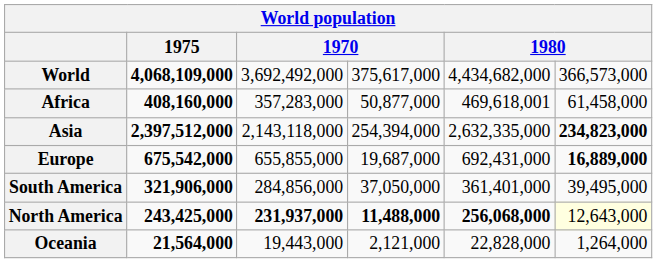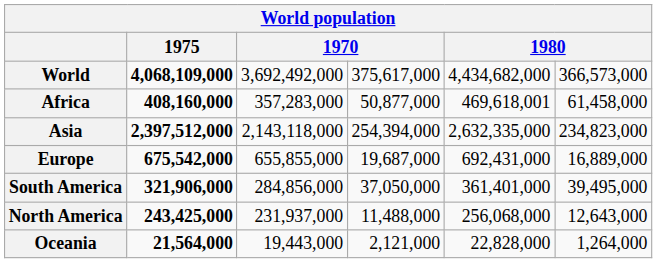 <table class="wikitable">
 <tr>
 <th colspan="7"><a href='#'>World population</a></th>
 </tr>
 <tr>
 <th></th>
 <th>1975</th>
 <th colspan="2"><a href='#'>1970</a></th>
 <th colspan="2"><a href='#'>1980</a></th>
 </tr>
 <tr>
 <th>World</th>
 <td align="right"><strong>4,068,109,000</strong></td>
 <td align="right">3,692,492,000</td>
 <td align="right"> 375,617,000</td>
 <td align="right">4,434,682,000</td>
 <td align="right"> 366,573,000</td>
 </tr>
 <tr>
 <th>Africa</th>
 <td align="right"><strong>408,160,000</strong></td>
 <td align="right">357,283,000</td>
 <td align="right"> 50,877,000</td>
 <td align="right">469,618,001</td>
 <td align="right"> 61,458,000</td>
 </tr>
 <tr>
 <th>Asia</th>
 <td align="right"><strong>2,397,512,000</strong></td>
 <td align="right">2,143,118,000</td>
 <td align="right"> 254,394,000</td>
 <td align="right">2,632,335,000</td>
-<td align="right"><strong> 234,823,000</strong></td>
+<td align="right"> 234,823,000</td>
 </tr>
 <tr>
 <th>Europe</th>
 <td align="right"><strong>675,542,000</strong></td>
 <td align="right">655,855,000</td>
 <td align="right"> 19,687,000</td>
 <td align="right">692,431,000</td>
-<td align="right"><strong> 16,889,000</strong></td>
+<td align="right"> 16,889,000</td>
 </tr>
 <tr>
 <th>South America</th>
 <td align="right"><strong>321,906,000</strong></td>
 <td align="right">284,856,000</td>
 <td align="right"> 37,050,000</td>
 <td align="right">361,401,000</td>
 <td align="right"> 39,495,000</td>
 </tr>
 <tr>
 <th>North America</th>
 <td align="right"><strong>243,425,000</strong></td>
-<td align="right"><strong>231,937,000</strong></td>
-<td align="right"><strong> 11,488,000</strong></td>
-<td align="right"><strong>256,068,000</strong></td>
-<td align="right" style="background: lightyellow;"> 12,643,000</td>
+<td align="right">231,937,000</td>
+<td align="right"> 11,488,000</td>
+<td align="right">256,068,000</td>
+<td align="right"> 12,643,000</td>
 </tr>
 <tr>
 <th>Oceania</th>
 <td align="right"><strong>21,564,000</strong></td>
 <td align="right">19,443,000</td>
 <td align="right"> 2,121,000</td>
 <td align="right">22,828,000</td>
 <td align="right"> 1,264,000</td>
 </tr>
 </table>
